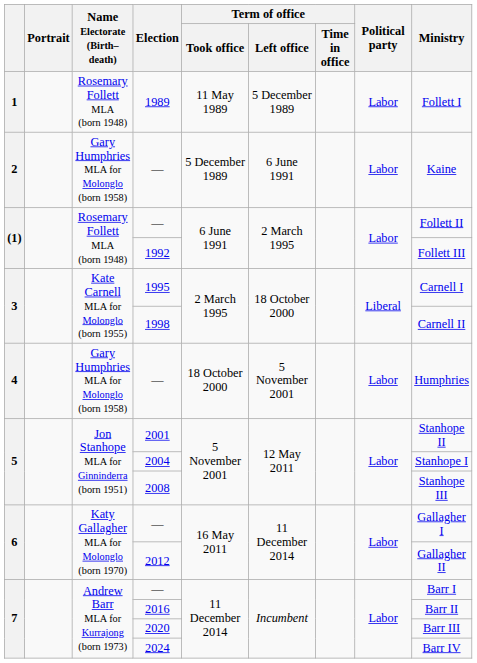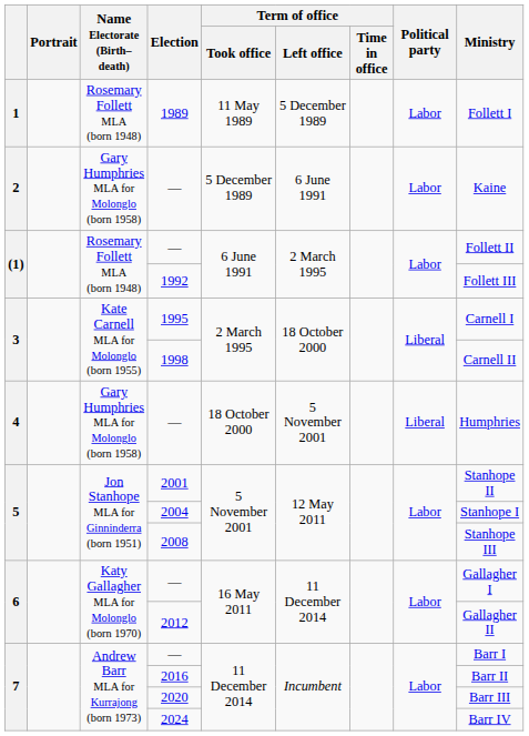 <table class="wikitable" style="text-align:center">
 <tr>
 <th rowspan="2"></th>
 <th rowspan="2">Portrait</th>
 <th rowspan="2">Name<br><small>Electorate<br>(Birth–death)</small></th>
 <th rowspan="2">Election</th>
 <th colspan="3">Term of office</th>
 <th rowspan="2">Political party</th>
 <th rowspan="2">Ministry</th>
 </tr>
 <tr>
 <th width="90px">Took office</th>
 <th width="90px">Left office</th>
 <th width="50px">Time in office</th>
 </tr>
 <tr>
 <th style="background:">1</th>
 <td></td>
 <td><a href='#'>Rosemary Follett</a><br><small>MLA</small><br><small>(born 1948)</small></td>
 <td><a href='#'>1989</a></td>
 <td>11 May<br>1989</td>
 <td>5 December<br>1989</td>
 <td></td>
 <td width="75px"><a href='#'>Labor</a></td>
 <td><a href='#'>Follett I</a></td>
 </tr>
 <tr>
 <th style="background:">2</th>
 <td></td>
 <td><a href='#'>Gary Humphries</a><br><small>MLA for <a href='#'>Molonglo</a></small><br><small>(born 1958)</small></td>
 <td>—</td>
 <td>5 December<br>1989</td>
 <td>6 June<br>1991</td>
 <td></td>
 <td width="75px"><a href='#'>Labor</a></td>
 <td><a href='#'>Kaine</a></td>
 </tr>
 <tr>
 <th rowspan="2" style="background:">(1)</th>
 <td rowspan="2"></td>
 <td rowspan="2"><a href='#'>Rosemary Follett</a><br><small>MLA</small><br><small>(born 1948)</small></td>
 <td>—</td>
 <td rowspan="2">6 June<br>1991</td>
 <td rowspan="2">2 March<br>1995</td>
 <td rowspan="2"></td>
 <td rowspan="2"><a href='#'>Labor</a></td>
 <td><a href='#'>Follett II</a></td>
 </tr>
 <tr>
 <td><a href='#'>1992</a></td>
 <td><a href='#'>Follett III</a></td>
 </tr>
 <tr>
 <th rowspan="2" style="background:">3</th>
 <td rowspan="2"></td>
 <td rowspan="2"><a href='#'>Kate Carnell</a><br><small>MLA for <a href='#'>Molonglo</a></small><br><small>(born 1955)</small></td>
 <td><a href='#'>1995</a></td>
 <td rowspan="2">2 March<br>1995</td>
 <td rowspan="2">18 October<br>2000</td>
 <td rowspan="2"></td>
 <td rowspan="2"><a href='#'>Liberal</a></td>
 <td><a href='#'>Carnell I</a></td>
 </tr>
 <tr>
 <td><a href='#'>1998</a></td>
 <td><a href='#'>Carnell II</a></td>
 </tr>
 <tr>
 <th style="background:">4</th>
 <td></td>
 <td><a href='#'>Gary Humphries</a><br><small>MLA for <a href='#'>Molonglo</a></small><br><small>(born 1958)</small></td>
 <td>—</td>
 <td>18 October<br>2000</td>
 <td>5 November<br>2001</td>
 <td></td>
-<td width="75px"><a href='#'>Labor</a></td>
+<td><a href='#'>Liberal</a></td>
 <td><a href='#'>Humphries</a></td>
 </tr>
 <tr>
 <th rowspan="3" style="background:">5</th>
 <td rowspan="3"></td>
 <td rowspan="3"><a href='#'>Jon Stanhope</a><br><small>MLA for <a href='#'>Ginninderra</a></small><br><small>(born 1951)</small></td>
 <td><a href='#'>2001</a></td>
 <td rowspan="3">5 November<br>2001</td>
 <td rowspan="3">12 May<br>2011</td>
 <td rowspan="3"></td>
 <td rowspan="3"><a href='#'>Labor</a></td>
 <td><a href='#'>Stanhope II</a></td>
 </tr>
 <tr>
 <td><a href='#'>2004</a></td>
 <td><a href='#'>Stanhope I</a></td>
 </tr>
 <tr>
 <td><a href='#'>2008</a></td>
 <td><a href='#'>Stanhope III</a></td>
 </tr>
 <tr>
 <th rowspan="2" style="background:">6</th>
 <td rowspan="2"></td>
 <td rowspan="2"><a href='#'>Katy Gallagher</a><br><small>MLA for <a href='#'>Molonglo</a></small><br><small>(born 1970)</small></td>
 <td>—</td>
 <td rowspan="2">16 May<br>2011</td>
 <td rowspan="2">11 December<br>2014</td>
 <td rowspan="2"></td>
 <td rowspan="2"><a href='#'>Labor</a></td>
 <td><a href='#'>Gallagher I</a></td>
 </tr>
 <tr>
 <td><a href='#'>2012</a></td>
 <td><a href='#'>Gallagher II</a></td>
 </tr>
 <tr>
 <th rowspan="4" style="background:">7</th>
 <td rowspan="4"></td>
 <td rowspan="4"><a href='#'>Andrew Barr</a><br><small>MLA for <a href='#'>Kurrajong</a></small><br><small>(born 1973)</small></td>
 <td>—</td>
 <td rowspan="4">11 December<br>2014</td>
 <td rowspan="4"><em>Incumbent</em></td>
 <td rowspan="4"></td>
 <td rowspan="4"><a href='#'>Labor</a></td>
 <td><a href='#'>Barr I</a></td>
 </tr>
 <tr>
 <td><a href='#'>2016</a></td>
 <td><a href='#'>Barr II</a></td>
 </tr>
 <tr>
 <td><a href='#'>2020</a></td>
 <td><a href='#'>Barr III</a></td>
 </tr>
 <tr>
 <td><a href='#'>2024</a></td>
 <td><a href='#'>Barr IV</a></td>
 </tr>
 </table>
